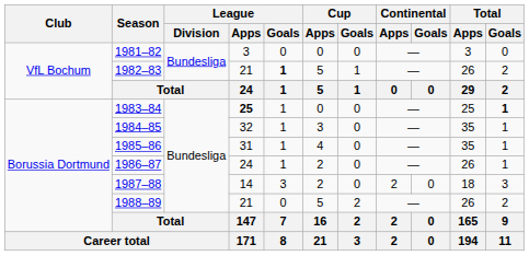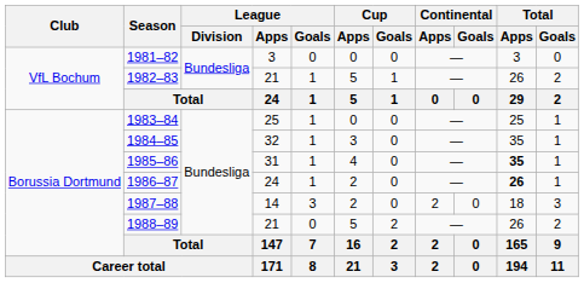 <table class="wikitable" style="text-align:center">
 <tr>
 <th rowspan="2">Club</th>
 <th rowspan="2">Season</th>
 <th colspan="3">League</th>
 <th colspan="2">Cup</th>
 <th colspan="2">Continental</th>
 <th colspan="2">Total</th>
 </tr>
 <tr>
 <th>Division</th>
 <th>Apps</th>
 <th>Goals</th>
 <th>Apps</th>
 <th>Goals</th>
 <th>Apps</th>
 <th>Goals</th>
 <th>Apps</th>
 <th>Goals</th>
 </tr>
 <tr>
 <td rowspan="3"><a href='#'>VfL Bochum</a></td>
 <td><a href='#'>1981–82</a></td>
 <td rowspan="2"><a href='#'>Bundesliga</a></td>
 <td>3</td>
 <td>0</td>
 <td>0</td>
 <td>0</td>
 <td colspan="2">—</td>
 <td>3</td>
 <td>0</td>
 </tr>
 <tr>
 <td><a href='#'>1982–83</a></td>
 <td>21</td>
-<td><strong>1</strong></td>
+<td>1</td>
 <td>5</td>
 <td>1</td>
 <td colspan="2">—</td>
 <td>26</td>
 <td>2</td>
 </tr>
 <tr>
 <th colspan="2">Total</th>
 <th>24</th>
 <th>1</th>
 <th>5</th>
 <th>1</th>
 <th>0</th>
 <th>0</th>
 <th>29</th>
 <th>2</th>
 </tr>
 <tr>
 <td rowspan="7"><a href='#'>Borussia Dortmund</a></td>
 <td><a href='#'>1983–84</a></td>
 <td rowspan="6">Bundesliga</td>
-<td><strong>25</strong></td>
+<td>25</td>
 <td>1</td>
 <td>0</td>
 <td>0</td>
 <td colspan="2">—</td>
 <td>25</td>
-<td><strong>1</strong></td>
+<td>1</td>
 </tr>
 <tr>
 <td><a href='#'>1984–85</a></td>
 <td>32</td>
 <td>1</td>
 <td>3</td>
 <td>0</td>
 <td colspan="2">—</td>
 <td>35</td>
 <td>1</td>
 </tr>
 <tr>
 <td><a href='#'>1985–86</a></td>
 <td>31</td>
 <td>1</td>
 <td>4</td>
 <td>0</td>
 <td colspan="2">—</td>
-<td>35</td>
+<td><strong>35</strong></td>
 <td>1</td>
 </tr>
 <tr>
 <td><a href='#'>1986–87</a></td>
 <td>24</td>
 <td>1</td>
 <td>2</td>
 <td>0</td>
 <td colspan="2">—</td>
-<td>26</td>
+<td><strong>26</strong></td>
 <td>1</td>
 </tr>
 <tr>
 <td><a href='#'>1987–88</a></td>
 <td>14</td>
 <td>3</td>
 <td>2</td>
 <td>0</td>
 <td>2</td>
 <td>0</td>
 <td>18</td>
 <td>3</td>
 </tr>
 <tr>
 <td><a href='#'>1988–89</a></td>
 <td>21</td>
 <td>0</td>
 <td>5</td>
 <td>2</td>
 <td colspan="2">—</td>
 <td>26</td>
 <td>2</td>
 </tr>
 <tr>
 <th colspan="2">Total</th>
 <th>147</th>
 <th>7</th>
 <th>16</th>
 <th>2</th>
 <th>2</th>
 <th>0</th>
 <th>165</th>
 <th>9</th>
 </tr>
 <tr>
 <th colspan="3">Career total</th>
 <th>171</th>
 <th>8</th>
 <th>21</th>
 <th>3</th>
 <th>2</th>
 <th>0</th>
 <th>194</th>
 <th>11</th>
 </tr>
 </table>
